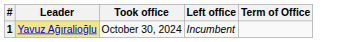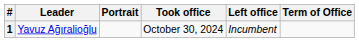 <table class="wikitable" style="font-size:90%;">
 <tr>
 <th>#</th>
 <th>Leader<br></th>
+<th>Portrait</th>
 <th>Took office</th>
 <th>Left office</th>
 <th>Term of Office</th>
 </tr>
 <tr>
 <th style="background:">1</th>
-<td style="background: khaki;"><a href='#'>Yavuz Ağıralioğlu</a><br></td>
+<td><a href='#'>Yavuz Ağıralioğlu</a><br></td>
+<td></td>
 <td>October 30, 2024</td>
 <td><em>Incumbent</em></td>
 <td></td>
 </tr>
 </table>
